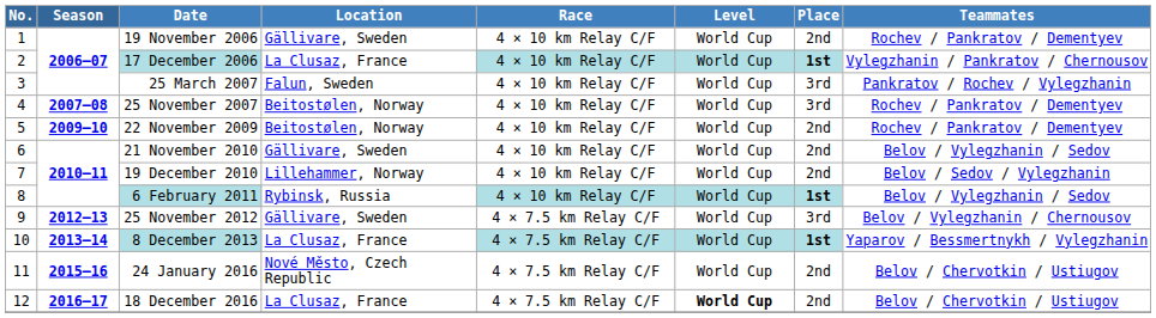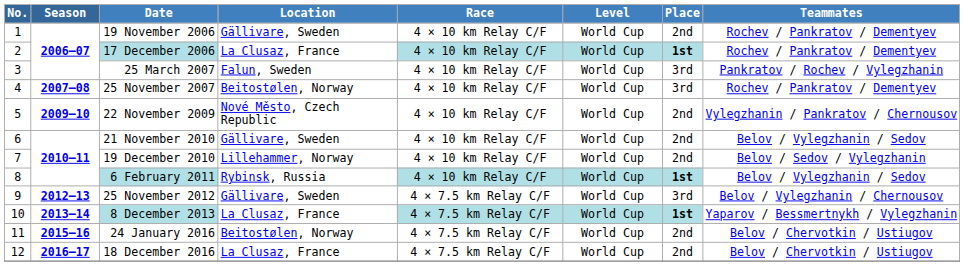 <table class="wikitable sortable" style="font-size:95%; text-align:center; border:grey solid 1px; border-collapse:collapse; background:#ffffff;">
 <tr style="background:#efefef;">
 <th style="background-color:#369; color:white;">No.</th>
 <th style="background-color:#369; color:white;">Season</th>
 <th style="background-color:#4180be; color:white; width:120px;">Date</th>
 <th style="background-color:#4180be; color:white; width:185px;">Location</th>
 <th style="background-color:#4180be; color:white; width:170px;">Race</th>
 <th style="background-color:#4180be; color:white; width:100px;">Level</th>
 <th style="background-color:#4180be; color:white;">Place</th>
 <th style="background-color:#4180be; color:white;">Teammates</th>
 </tr>
 <tr>
 <td align=center>1</td>
 <td rowspan=3 align=center><strong> <a href='#'>2006–07</a> </strong></td>
 <td align=right>19 November 2006</td>
 <td align=left> <a href='#'>Gällivare</a>, Sweden</td>
 <td>4 × 10 km Relay C/F</td>
 <td>World Cup</td>
 <td>2nd</td>
 <td><a href='#'>Rochev</a> / <a href='#'>Pankratov</a> / <a href='#'>Dementyev</a></td>
 </tr>
 <tr>
 <td align=center>2</td>
 <td bgcolor="#BOEOE6" align=right>17 December 2006</td>
 <td align=left> <a href='#'>La Clusaz</a>, France</td>
 <td bgcolor="#BOEOE6">4 × 10 km Relay C/F</td>
 <td bgcolor="#BOEOE6">World Cup</td>
 <td bgcolor="#BOEOE6"><strong>1st</strong></td>
-<td><a href='#'>Vylegzhanin</a> / <a href='#'>Pankratov</a> / <a href='#'>Chernousov</a></td>
+<td><a href='#'>Rochev</a> / <a href='#'>Pankratov</a> / <a href='#'>Dementyev</a></td>
 </tr>
 <tr>
 <td align=center>3</td>
 <td align=right>25 March 2007</td>
 <td align=left> <a href='#'>Falun</a>, Sweden</td>
 <td>4 × 10 km Relay C/F</td>
 <td>World Cup</td>
 <td>3rd</td>
 <td><a href='#'>Pankratov</a> / <a href='#'>Rochev</a> / <a href='#'>Vylegzhanin</a></td>
 </tr>
 <tr>
 <td align=center>4</td>
 <td rowspan=1 align=center><strong> <a href='#'>2007–08</a> </strong></td>
 <td align=right>25 November 2007</td>
 <td align=left> <a href='#'>Beitostølen</a>, Norway</td>
 <td>4 × 10 km Relay C/F</td>
 <td>World Cup</td>
 <td>3rd</td>
 <td><a href='#'>Rochev</a> / <a href='#'>Pankratov</a> / <a href='#'>Dementyev</a></td>
 </tr>
 <tr>
 <td align=center>5</td>
 <td rowspan=1 align=center><strong> <a href='#'>2009–10</a> </strong></td>
 <td align=right>22 November 2009</td>
-<td align=left> <a href='#'>Beitostølen</a>, Norway</td>
+<td align=left> <a href='#'>Nové Město</a>, Czech Republic</td>
 <td>4 × 10 km Relay C/F</td>
 <td>World Cup</td>
 <td>2nd</td>
-<td><a href='#'>Rochev</a> / <a href='#'>Pankratov</a> / <a href='#'>Dementyev</a></td>
+<td><a href='#'>Vylegzhanin</a> / <a href='#'>Pankratov</a> / <a href='#'>Chernousov</a></td>
 </tr>
 <tr>
 <td align=center>6</td>
 <td rowspan=3 align=center><strong> <a href='#'>2010–11</a> </strong></td>
 <td align=right>21 November 2010</td>
 <td align=left> <a href='#'>Gällivare</a>, Sweden</td>
 <td>4 × 10 km Relay C/F</td>
 <td>World Cup</td>
 <td>2nd</td>
 <td><a href='#'>Belov</a> / <a href='#'>Vylegzhanin</a> / <a href='#'>Sedov</a></td>
 </tr>
 <tr>
 <td align=center>7</td>
 <td align=right>19 December 2010</td>
 <td align=left> <a href='#'>Lillehammer</a>, Norway</td>
 <td>4 × 10 km Relay C/F</td>
 <td>World Cup</td>
 <td>2nd</td>
 <td><a href='#'>Belov</a> / <a href='#'>Sedov</a> / <a href='#'>Vylegzhanin</a></td>
 </tr>
 <tr>
 <td align=center>8</td>
 <td bgcolor="#BOEOE6" align=right>6 February 2011</td>
 <td align=left> <a href='#'>Rybinsk</a>, Russia</td>
 <td bgcolor="#BOEOE6">4 × 10 km Relay C/F</td>
 <td bgcolor="#BOEOE6">World Cup</td>
 <td bgcolor="#BOEOE6"><strong>1st</strong></td>
 <td><a href='#'>Belov</a> / <a href='#'>Vylegzhanin</a> / <a href='#'>Sedov</a></td>
 </tr>
 <tr>
 <td align=center>9</td>
 <td rowspan=1 align=center><strong> <a href='#'>2012–13</a> </strong></td>
 <td align=right>25 November 2012</td>
 <td align=left> <a href='#'>Gällivare</a>, Sweden</td>
 <td>4 × 7.5 km Relay C/F</td>
 <td>World Cup</td>
 <td>3rd</td>
 <td><a href='#'>Belov</a> / <a href='#'>Vylegzhanin</a> / <a href='#'>Chernousov</a></td>
 </tr>
 <tr>
 <td align=center>10</td>
 <td rowspan=1 align=center><strong><a href='#'>2013–14</a></strong></td>
 <td bgcolor="#BOEOE6" align=right>8 December 2013</td>
 <td align=left> <a href='#'>La Clusaz</a>, France</td>
 <td bgcolor="#BOEOE6">4 × 7.5 km Relay C/F</td>
 <td bgcolor="#BOEOE6">World Cup</td>
 <td bgcolor="#BOEOE6"><strong>1st</strong></td>
 <td><a href='#'>Yaparov</a> / <a href='#'>Bessmertnykh</a> / <a href='#'>Vylegzhanin</a></td>
 </tr>
 <tr>
 <td align=center>11</td>
 <td rowspan=1 align=center><strong> <a href='#'>2015–16</a> </strong></td>
 <td align=right>24 January 2016</td>
-<td align=left> <a href='#'>Nové Město</a>, Czech Republic</td>
+<td align=left> <a href='#'>Beitostølen</a>, Norway</td>
 <td>4 × 7.5 km Relay C/F</td>
 <td>World Cup</td>
 <td>2nd</td>
 <td><a href='#'>Belov</a> / <a href='#'>Chervotkin</a> / <a href='#'>Ustiugov</a></td>
 </tr>
 <tr>
 <td align=center>12</td>
 <td rowspan=1 align=center><strong> <a href='#'>2016–17</a> </strong></td>
 <td align=right>18 December 2016</td>
 <td align=left> <a href='#'>La Clusaz</a>, France</td>
 <td>4 × 7.5 km Relay C/F</td>
-<td><strong>World Cup</strong></td>
+<td>World Cup</td>
 <td>2nd</td>
 <td><a href='#'>Belov</a> / <a href='#'>Chervotkin</a> / <a href='#'>Ustiugov</a></td>
 </tr>
 <tr>
 </tr>
 </table>
